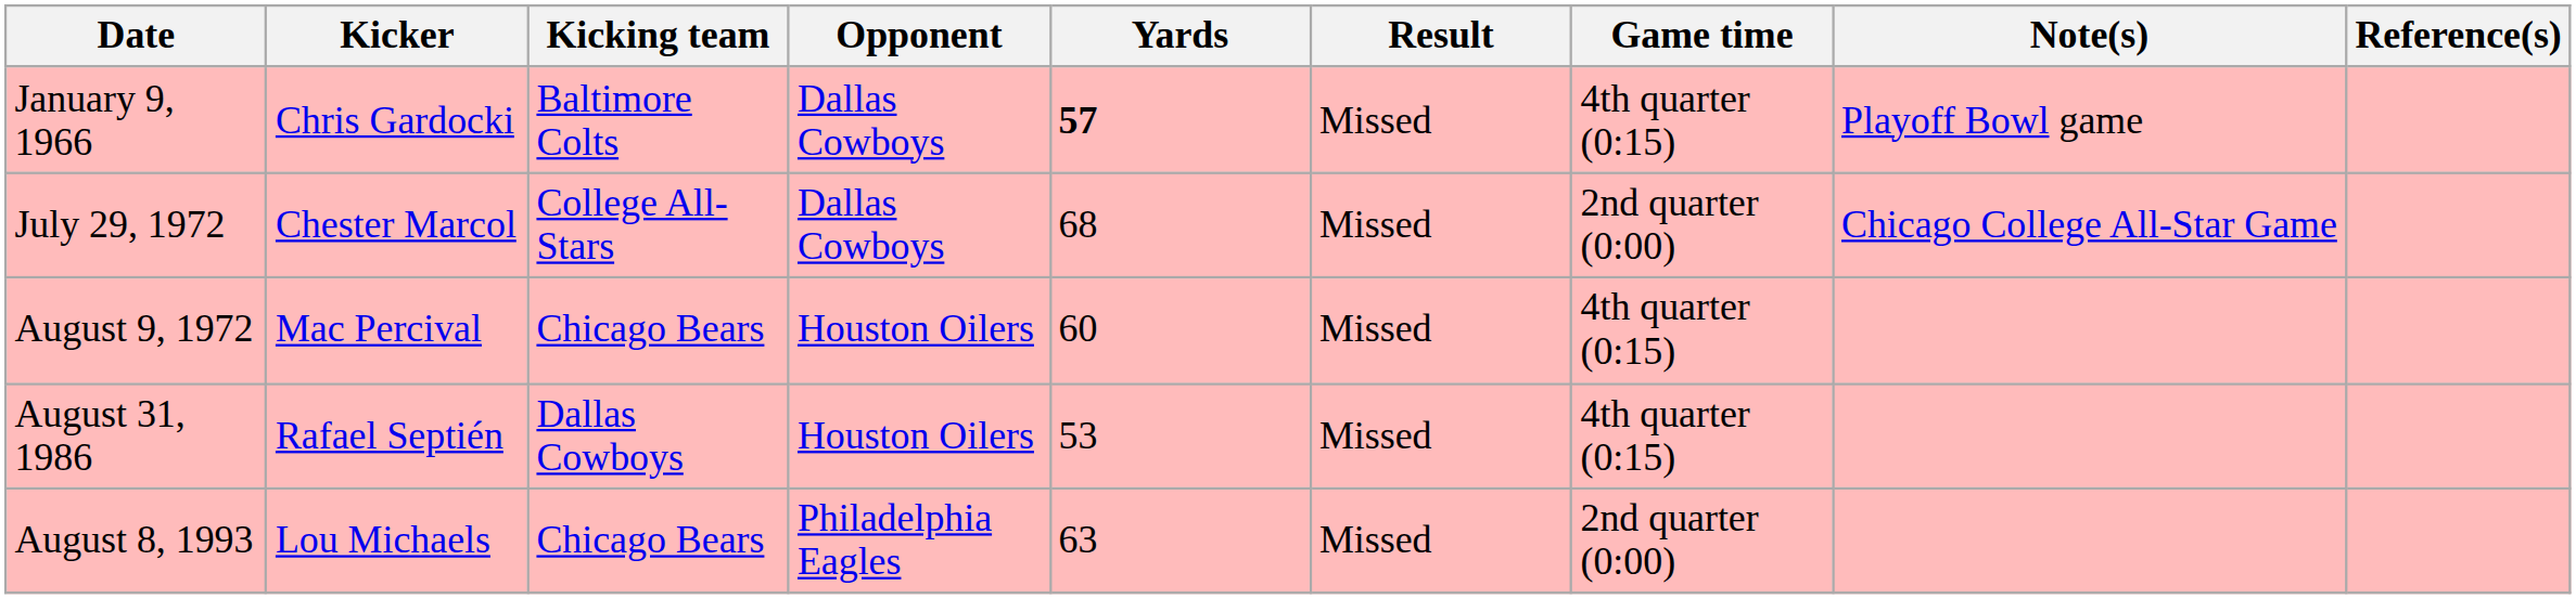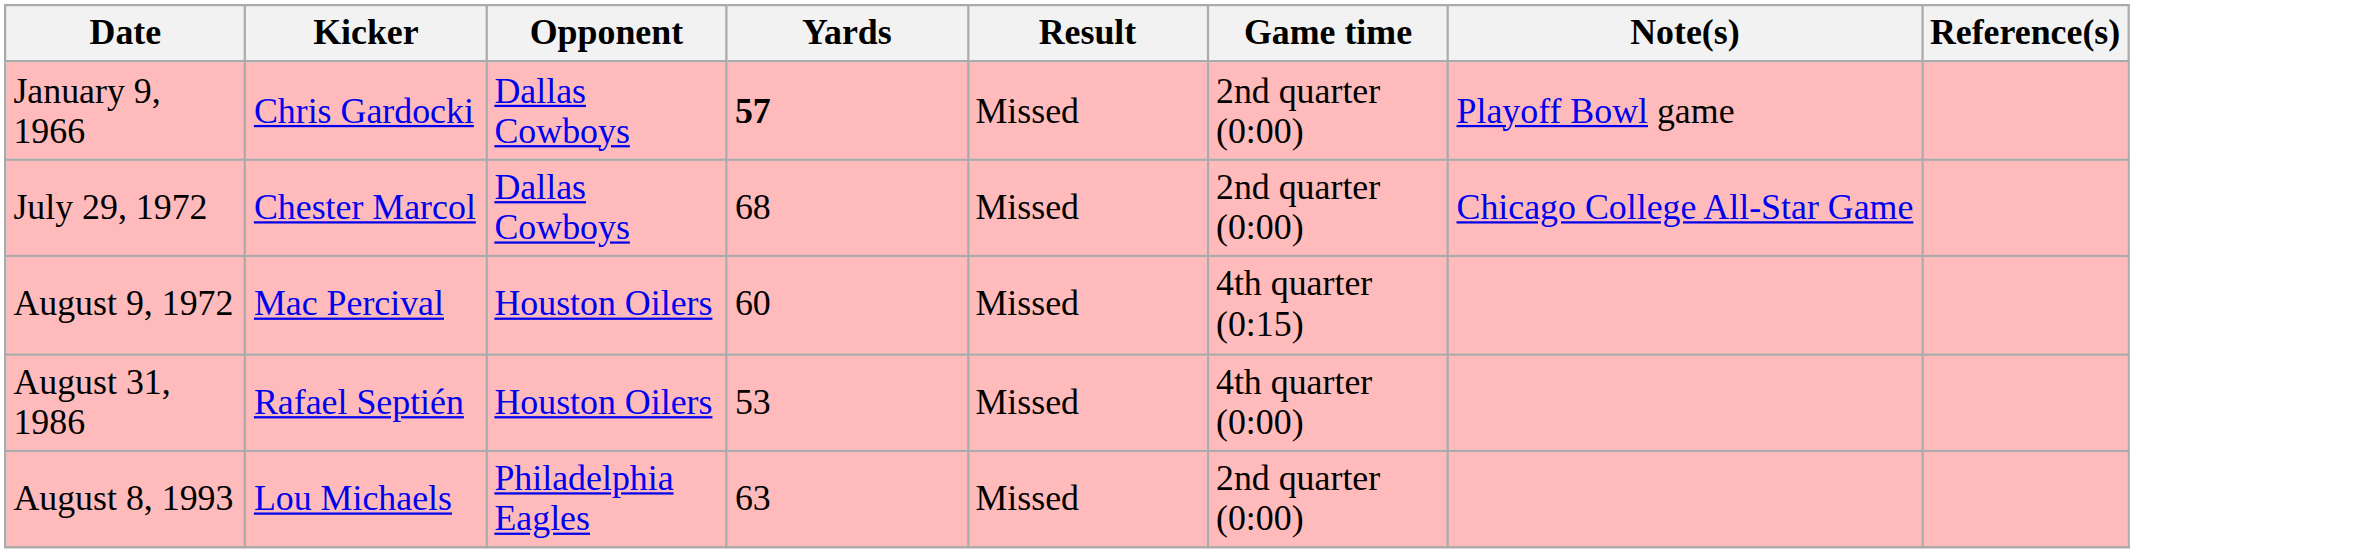 <table class="wikitable plainrowheaders sortable" border="1" style="align:center;">
 <tr>
 <th scope="col" width=100>Date</th>
 <th scope="col" width=100>Kicker</th>
-<th scope="col" width=100>Kicking team</th>
 <th scope="col" width=100>Opponent</th>
 <th scope="col" width=100>Yards</th>
 <th scope="col" width=100>Result</th>
 <th scope="col" width=100>Game time</th>
 <th scope="col" class=unsortable>Note(s)</th>
 <th scope="col" class=unsortable>Reference(s)</th>
 </tr>
 <tr style="background: #FFBBBB;">
 <td scope="row">January 9, 1966</td>
 <td><a href='#'>Chris Gardocki</a></td>
-<td><a href='#'>Baltimore Colts</a></td>
 <td><a href='#'>Dallas Cowboys</a></td>
 <td><strong>57</strong></td>
 <td>Missed</td>
-<td>4th quarter (0:15)</td>
+<td>2nd quarter (0:00)</td>
 <td><a href='#'>Playoff Bowl</a> game</td>
 <td></td>
 </tr>
 <tr style="background: #FFBBBB;">
 <td scope="row">July 29, 1972</td>
 <td><a href='#'>Chester Marcol</a></td>
-<td><a href='#'>College All-Stars</a></td>
 <td><a href='#'>Dallas Cowboys</a></td>
 <td>68</td>
 <td>Missed</td>
 <td>2nd quarter (0:00)</td>
 <td><a href='#'>Chicago College All-Star Game</a></td>
 <td></td>
 </tr>
 <tr style="background: #FFBBBB;">
 <td scope="row">August 9, 1972</td>
 <td><a href='#'>Mac Percival</a></td>
-<td><a href='#'>Chicago Bears</a></td>
 <td><a href='#'>Houston Oilers</a></td>
 <td>60</td>
 <td>Missed</td>
 <td>4th quarter (0:15)</td>
 <td></td>
 <td></td>
 </tr>
 <tr style="background: #FFBBBB;">
 <td scope="row">August 31, 1986</td>
 <td><a href='#'>Rafael Septién</a></td>
-<td><a href='#'>Dallas Cowboys</a></td>
 <td><a href='#'>Houston Oilers</a></td>
 <td>53</td>
 <td>Missed</td>
-<td>4th quarter (0:15)</td>
+<td>4th quarter (0:00)</td>
 <td></td>
 <td></td>
 </tr>
 <tr style="background: #FFBBBB;">
 <td scope="row">August 8, 1993</td>
 <td><a href='#'>Lou Michaels</a></td>
-<td><a href='#'>Chicago Bears</a></td>
 <td><a href='#'>Philadelphia Eagles</a></td>
 <td>63</td>
 <td>Missed</td>
 <td>2nd quarter (0:00)</td>
 <td></td>
 <td></td>
 </tr>
 </table>
